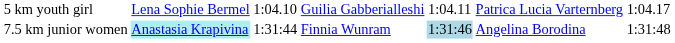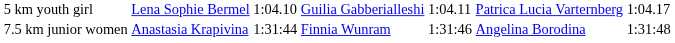 <table>
 <tr valign="top">
 <td>5 km youth girl</td>
 <td><a href='#'>Lena Sophie Bermel</a><br><small></small></td>
 <td>1:04.10</td>
 <td><a href='#'>Guilia Gabberialleshi</a><br><small></small></td>
 <td>1:04.11</td>
 <td><a href='#'>Patrica Lucia Varternberg</a><br><small></small></td>
 <td>1:04.17</td>
 </tr>
 <tr valign="top">
 <td>7.5 km junior women</td>
-<td style="background: paleturquoise;"><a href='#'>Anastasia Krapivina</a><br><small></small></td>
+<td><a href='#'>Anastasia Krapivina</a><br><small></small></td>
 <td>1:31:44</td>
 <td><a href='#'>Finnia Wunram</a><br><small></small></td>
-<td style="background: lightblue;">1:31:46</td>
+<td>1:31:46</td>
 <td><a href='#'>Angelina Borodina</a> <br><small></small></td>
 <td>1:31:48</td>
 </tr>
 </table>
